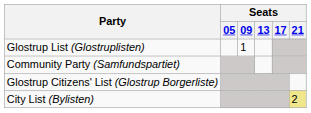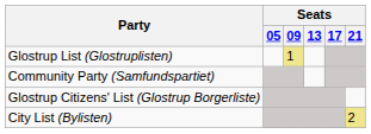 <table class="wikitable">
 <tr>
 <th rowspan=2>Party</th>
 <th colspan=11>Seats</th>
 </tr>
 <tr>
 <th><a href='#'>05</a></th>
 <th><a href='#'>09</a></th>
 <th><a href='#'>13</a></th>
 <th><a href='#'>17</a></th>
 <th><a href='#'>21</a></th>
 </tr>
 <tr>
 <td>Glostrup List <em>(Glostruplisten)</em></td>
 <td></td>
-<td>1</td>
+<td style="background: khaki;">1</td>
 <td></td>
 <td style="background:#CDC9C9;" colspan=2></td>
 </tr>
 <tr>
 <td>Community Party <em>(Samfundspartiet)</em></td>
 <td style="background:#CDC9C9;" colspan=2></td>
 <td></td>
 <td style="background:#CDC9C9;" colspan=2></td>
 </tr>
 <tr>
 <td>Glostrup Citizens' List <em>(Glostrup Borgerliste)</em></td>
 <td style="background:#CDC9C9;" colspan=4></td>
 <td></td>
 </tr>
 <tr>
 <td>City List <em>(Bylisten)</em></td>
 <td style="background:#CDC9C9;" colspan=4></td>
 <td style="background: khaki;">2</td>
 </tr>
 </table>
